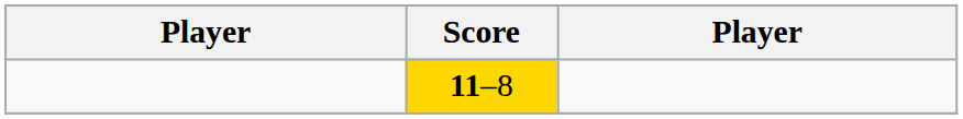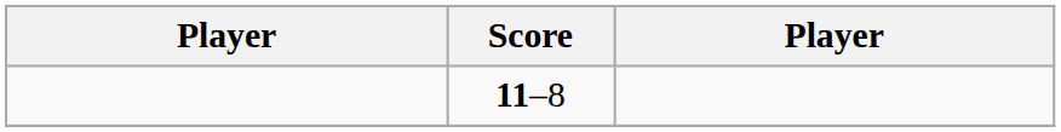 <table class="wikitable " style="font-size: 90%">
 <tr>
 <th width=170>Player</th>
 <th width=60>Score</th>
 <th width=170>Player</th>
 </tr>
 <tr>
 <td><strong></strong></td>
-<td align="center" style="background: gold;"><strong>11</strong>–8</td>
+<td align="center"><strong>11</strong>–8</td>
 <td></td>
 </tr>
 <tr>
 </tr>
 </table>
